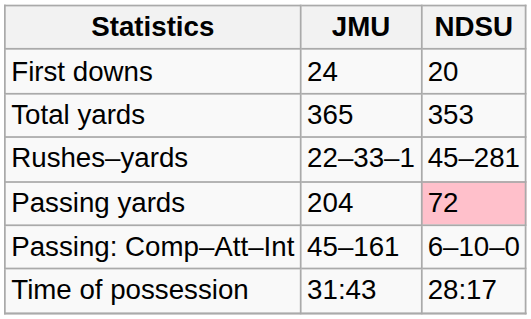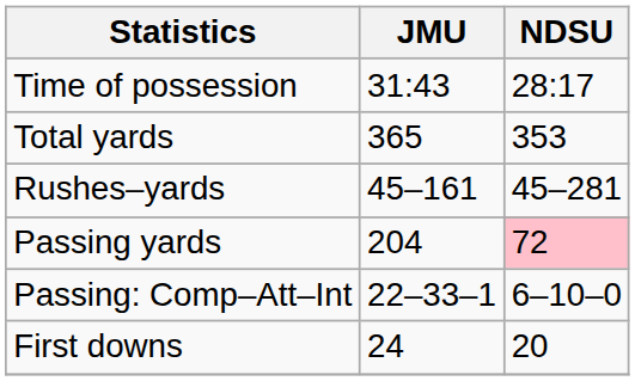 <table class="wikitable" style="float: left;">
 <tr>
 <th>Statistics</th>
 <th>JMU</th>
 <th>NDSU</th>
 </tr>
 <tr>
-<td>First downs</td>
-<td>24</td>
-<td>20</td>
+<td>Time of possession</td>
+<td>31:43</td>
+<td>28:17</td>
 </tr>
 <tr>
 <td>Total yards</td>
 <td>365</td>
 <td>353</td>
 </tr>
 <tr>
 <td>Rushes–yards</td>
-<td>22–33–1</td>
+<td>45–161</td>
 <td>45–281</td>
 </tr>
 <tr>
 <td>Passing yards</td>
 <td>204</td>
 <td style="background: pink;">72</td>
 </tr>
 <tr>
 <td>Passing: Comp–Att–Int</td>
-<td>45–161</td>
+<td>22–33–1</td>
 <td>6–10–0</td>
 </tr>
 <tr>
-<td>Time of possession</td>
-<td>31:43</td>
-<td>28:17</td>
+<td>First downs</td>
+<td>24</td>
+<td>20</td>
 </tr>
 <tr>
 </tr>
 </table>
